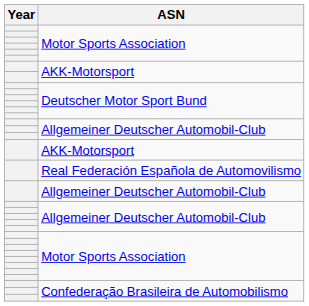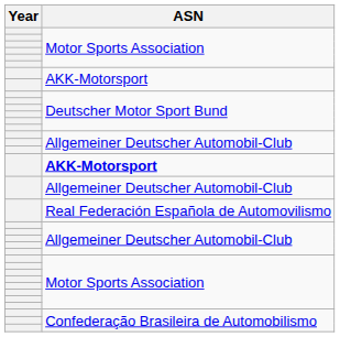 <table class="wikitable" style="font-size:95%">
 <tr>
 <th>Year</th>
 <th>ASN</th>
 </tr>
 <tr>
 <th></th>
 <td rowspan=6> <a href='#'>Motor Sports Association</a></td>
 </tr>
 <tr>
 <th></th>
 </tr>
 <tr>
 <th></th>
 </tr>
 <tr>
 <th></th>
 </tr>
 <tr>
 <th></th>
 </tr>
 <tr>
 <th></th>
 </tr>
 <tr>
 <th></th>
 <td rowspan=2> <a href='#'>AKK-Motorsport</a></td>
 </tr>
 <tr>
 <th></th>
 </tr>
 <tr>
 <th></th>
 <td rowspan=6> <a href='#'>Deutscher Motor Sport Bund</a></td>
 </tr>
 <tr>
 <th></th>
 </tr>
 <tr>
 <th></th>
 </tr>
 <tr>
 <th></th>
 </tr>
 <tr>
 <th></th>
 </tr>
 <tr>
 <th></th>
 </tr>
 <tr>
 <th></th>
 <td rowspan=3> <a href='#'>Allgemeiner Deutscher Automobil-Club</a></td>
 </tr>
 <tr>
 <th></th>
 </tr>
 <tr>
 <th></th>
 </tr>
 <tr>
 <th></th>
-<td> <a href='#'>AKK-Motorsport</a></td>
+<td><strong> <a href='#'>AKK-Motorsport</a></strong></td>
+</tr>
+<tr>
+<th></th>
+<td> <a href='#'>Allgemeiner Deutscher Automobil-Club</a></td>
 </tr>
 <tr>
 <th></th>
 <td> <a href='#'>Real Federación Española de Automovilismo</a></td>
-</tr>
-<tr>
-<th></th>
-<td> <a href='#'>Allgemeiner Deutscher Automobil-Club</a></td>
 </tr>
 <tr>
 <th></th>
 <td rowspan=5> <a href='#'>Allgemeiner Deutscher Automobil-Club</a></td>
 </tr>
 <tr>
 <th></th>
 </tr>
 <tr>
 <th></th>
 </tr>
 <tr>
 <th></th>
 </tr>
 <tr>
 <th></th>
 </tr>
 <tr>
 <th></th>
 <td rowspan=8> <a href='#'>Motor Sports Association</a></td>
 </tr>
 <tr>
 <th></th>
 </tr>
 <tr>
 <th></th>
 </tr>
 <tr>
 <th></th>
 </tr>
 <tr>
 <th></th>
 </tr>
 <tr>
 <th></th>
 </tr>
 <tr>
 <th></th>
 </tr>
 <tr>
 <th></th>
 </tr>
 <tr>
 <th></th>
 <td rowspan=3> <a href='#'>Confederação Brasileira de Automobilismo</a></td>
 </tr>
 <tr>
 <th></th>
 </tr>
 <tr>
 <th></th>
 </tr>
 </table>
